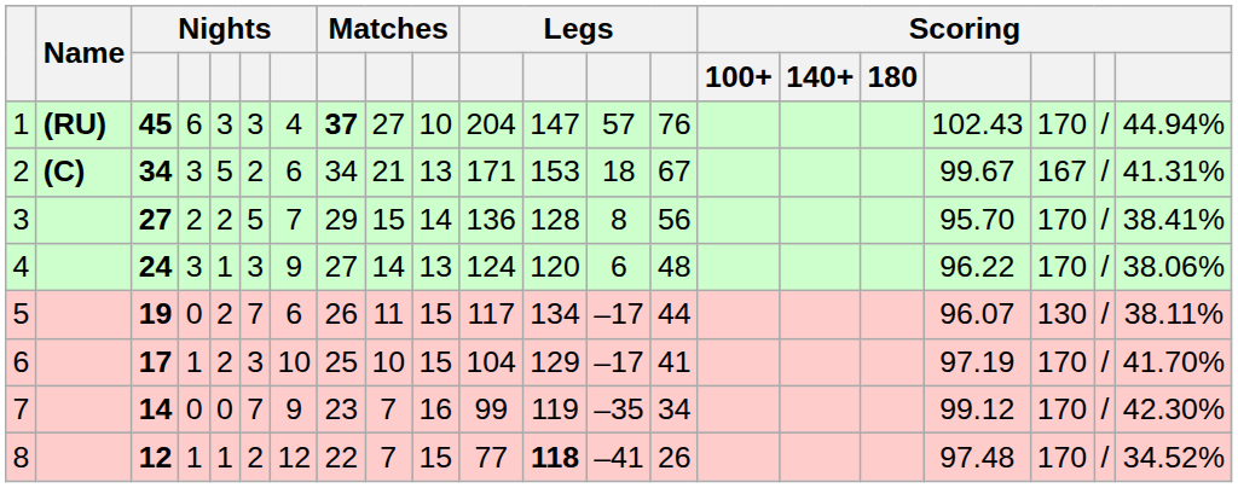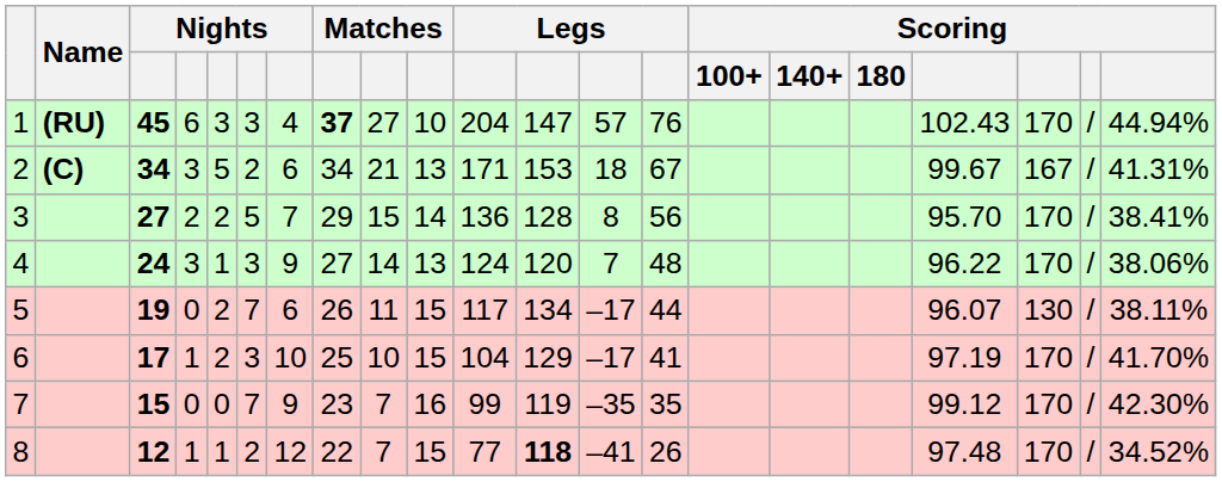 <table class="wikitable sortable" style="text-align:center;">
 <tr>
 <th rowspan=2></th>
 <th rowspan=2>Name</th>
 <th colspan="5">Nights</th>
 <th colspan="3">Matches</th>
 <th colspan="4">Legs</th>
 <th colspan="7">Scoring</th>
 </tr>
 <tr>
 <th></th>
 <th></th>
 <th></th>
 <th></th>
 <th></th>
 <th></th>
 <th></th>
 <th></th>
 <th></th>
 <th></th>
 <th></th>
 <th></th>
 <th>100+</th>
 <th>140+</th>
 <th>180</th>
 <th></th>
 <th></th>
 <th></th>
 <th></th>
 </tr>
 <tr style="background:#ccffcc;">
 <td>1</td>
 <td align="left"> <strong>(RU)</strong></td>
 <td><strong>45</strong></td>
 <td>6</td>
 <td>3</td>
 <td>3</td>
 <td>4</td>
 <td><strong>37</strong></td>
 <td>27</td>
 <td>10</td>
 <td>204</td>
 <td>147</td>
 <td>57</td>
 <td>76</td>
 <td></td>
 <td></td>
 <td></td>
 <td>102.43</td>
 <td>170</td>
 <td>/</td>
 <td>44.94%</td>
 </tr>
 <tr style="background:#ccffcc;">
 <td>2</td>
 <td align="left"> <strong>(C)</strong></td>
 <td><strong>34</strong></td>
 <td>3</td>
 <td>5</td>
 <td>2</td>
 <td>6</td>
 <td>34</td>
 <td>21</td>
 <td>13</td>
 <td>171</td>
 <td>153</td>
 <td>18</td>
 <td>67</td>
 <td></td>
 <td></td>
 <td></td>
 <td>99.67</td>
 <td>167</td>
 <td>/</td>
 <td>41.31%</td>
 </tr>
 <tr style="background:#ccffcc;">
 <td>3</td>
 <td align="left"></td>
 <td><strong>27</strong></td>
 <td>2</td>
 <td>2</td>
 <td>5</td>
 <td>7</td>
 <td>29</td>
 <td>15</td>
 <td>14</td>
 <td>136</td>
 <td>128</td>
 <td>8</td>
 <td>56</td>
 <td></td>
 <td></td>
 <td></td>
 <td>95.70</td>
 <td>170</td>
 <td>/</td>
 <td>38.41%</td>
 </tr>
 <tr style="background:#ccffcc;">
 <td>4</td>
 <td align="left"></td>
 <td><strong>24</strong></td>
 <td>3</td>
 <td>1</td>
 <td>3</td>
 <td>9</td>
 <td>27</td>
 <td>14</td>
 <td>13</td>
 <td>124</td>
 <td>120</td>
-<td>6</td>
+<td>7</td>
 <td>48</td>
 <td></td>
 <td></td>
 <td></td>
 <td>96.22</td>
 <td>170</td>
 <td>/</td>
 <td>38.06%</td>
 </tr>
 <tr style="background:#ffcccc;">
 <td>5</td>
 <td align="left"></td>
 <td><strong>19</strong></td>
 <td>0</td>
 <td>2</td>
 <td>7</td>
 <td>6</td>
 <td>26</td>
 <td>11</td>
 <td>15</td>
 <td>117</td>
 <td>134</td>
 <td>–17</td>
 <td>44</td>
 <td></td>
 <td></td>
 <td></td>
 <td>96.07</td>
 <td>130</td>
 <td>/</td>
 <td>38.11%</td>
 </tr>
 <tr style="background:#ffcccc;">
 <td>6</td>
 <td align="left"></td>
 <td><strong>17</strong></td>
 <td>1</td>
 <td>2</td>
 <td>3</td>
 <td>10</td>
 <td>25</td>
 <td>10</td>
 <td>15</td>
 <td>104</td>
 <td>129</td>
 <td>–17</td>
 <td>41</td>
 <td></td>
 <td></td>
 <td></td>
 <td>97.19</td>
 <td>170</td>
 <td>/</td>
 <td>41.70%</td>
 </tr>
 <tr style="background:#ffcccc;">
 <td>7</td>
 <td align="left"></td>
-<td><strong>14</strong></td>
+<td><strong>15</strong></td>
 <td>0</td>
 <td>0</td>
 <td>7</td>
 <td>9</td>
 <td>23</td>
 <td>7</td>
 <td>16</td>
 <td>99</td>
 <td>119</td>
 <td>–35</td>
-<td>34</td>
+<td>35</td>
 <td></td>
 <td></td>
 <td></td>
 <td>99.12</td>
 <td>170</td>
 <td>/</td>
 <td>42.30%</td>
 </tr>
 <tr style="background:#ffcccc;">
 <td>8</td>
 <td align="left"></td>
 <td><strong>12</strong></td>
 <td>1</td>
 <td>1</td>
 <td>2</td>
 <td>12</td>
 <td>22</td>
 <td>7</td>
 <td>15</td>
 <td>77</td>
 <td><strong>118</strong></td>
 <td>–41</td>
 <td>26</td>
 <td></td>
 <td></td>
 <td></td>
 <td>97.48</td>
 <td>170</td>
 <td>/</td>
 <td>34.52%</td>
 </tr>
 </table>
